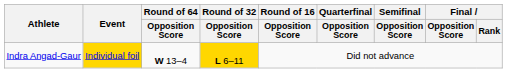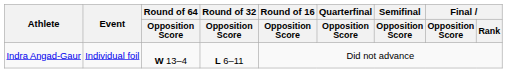 <table class="wikitable" style="font-size:90%">
 <tr>
 <th rowspan="2">Athlete</th>
 <th rowspan="2">Event</th>
 <th>Round of 64</th>
 <th>Round of 32</th>
 <th>Round of 16</th>
 <th>Quarterfinal</th>
 <th>Semifinal</th>
 <th colspan=2>Final / </th>
 </tr>
 <tr style="font-size:95%">
 <th>Opposition <br> Score</th>
 <th>Opposition <br> Score</th>
 <th>Opposition <br> Score</th>
 <th>Opposition <br> Score</th>
 <th>Opposition <br> Score</th>
 <th>Opposition <br> Score</th>
 <th>Rank</th>
 </tr>
 <tr align=center>
 <td align=left><a href='#'>Indra Angad-Gaur</a></td>
-<td align=left style="background: gold;"><a href='#'>Individual foil</a></td>
+<td align=left><a href='#'>Individual foil</a></td>
 <td><br><strong>W</strong> 13–4</td>
-<td style="background: gold;"><br><strong>L</strong> 6–11</td>
+<td><br><strong>L</strong> 6–11</td>
 <td colspan=5>Did not advance</td>
 </tr>
 </table>
